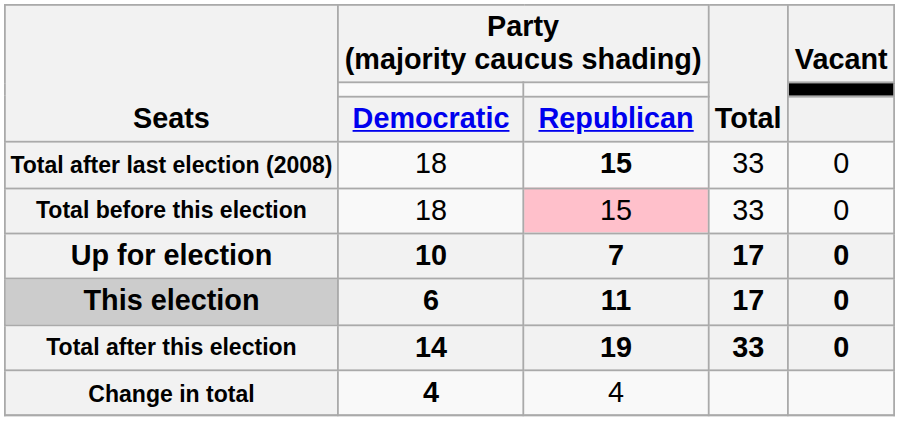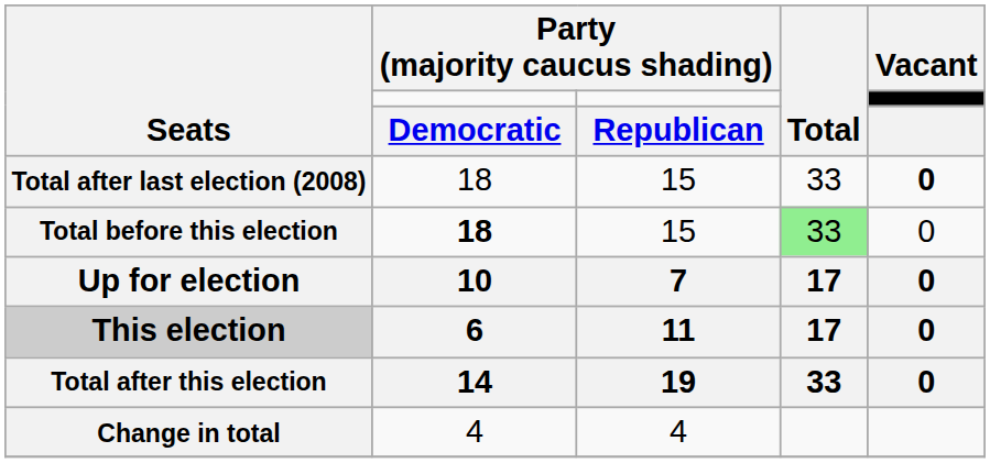 <table class=wikitable style="text-align:center">
 <tr style="vertical-align:bottom;">
 <th rowspan=3>Seats</th>
 <th colspan=2>Party <div>(majority caucus shading)</div></th>
 <th rowspan=3>Total</th>
 <th>Vacant</th>
 </tr>
 <tr style="height:5px">
 <td style="background-color:"></td>
 <td style="background-color:"></td>
 <td style="background: black"></td>
 </tr>
 <tr>
 <th><a href='#'>Democratic</a></th>
 <th><a href='#'>Republican</a></th>
 <th></th>
 </tr>
 <tr>
 <th nowrap style="font-size:80%">Total after last election (2008)</th>
 <td>18</td>
-<td><strong>15</strong></td>
+<td>15</td>
 <td>33</td>
-<td>0</td>
+<td><strong>0</strong></td>
 </tr>
 <tr>
 <th nowrap style="font-size:80%">Total before this election</th>
-<td>18</td>
-<td style="background: pink;">15</td>
-<td>33</td>
+<td><strong>18</strong></td>
+<td>15</td>
+<td style="background: lightgreen;">33</td>
 <td>0</td>
 </tr>
 <tr>
 <th>Up for election</th>
 <th>10</th>
 <th>7</th>
 <th>17</th>
 <th>0</th>
 </tr>
 <tr>
 <th style="background:#ccc">This election</th>
 <th>6</th>
 <th>11</th>
 <th>17</th>
 <th>0</th>
 </tr>
 <tr>
 <th nowrap style="font-size:80%">Total after this election</th>
 <th>14</th>
 <th>19</th>
 <th>33</th>
 <th>0</th>
 </tr>
 <tr>
 <th nowrap style="font-size:80%">Change in total</th>
-<td><strong> 4</strong></td>
+<td> 4</td>
 <td> 4</td>
 <td></td>
 <td></td>
 </tr>
 <tr>
 </tr>
 </table>
